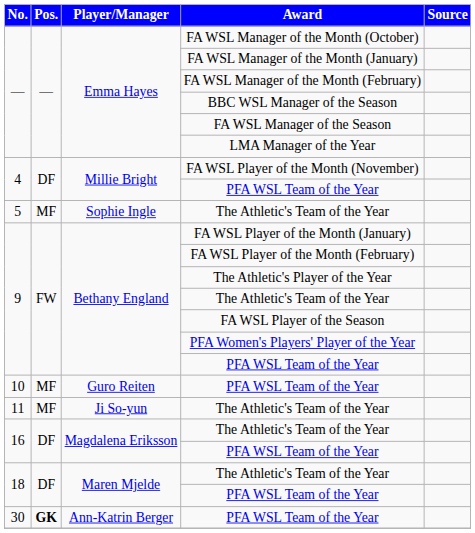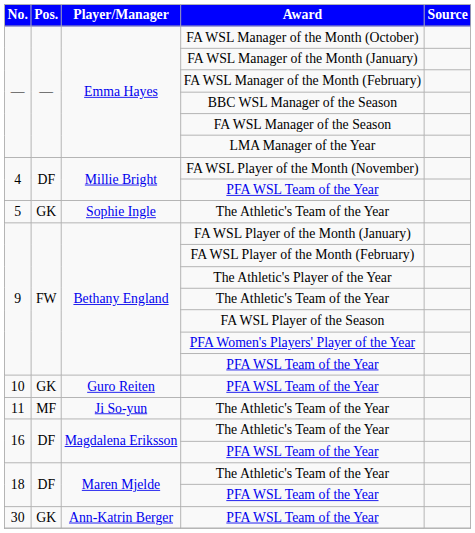 <table class="wikitable" style="text-align:center">
 <tr>
 <th style="background:#00f; color:white;">No.</th>
 <th style="background:#00f; color:white;">Pos.</th>
 <th style="background:#00f; color:white;">Player/Manager</th>
 <th style="background:#00f; color:white;">Award</th>
 <th style="background:#00f; color:white;">Source</th>
 </tr>
 <tr>
 <td rowspan="6">—</td>
 <td rowspan="6">—</td>
 <td rowspan="6"> <a href='#'>Emma Hayes</a></td>
 <td>FA WSL Manager of the Month (October)</td>
 <td></td>
 </tr>
 <tr>
 <td>FA WSL Manager of the Month (January)</td>
 <td></td>
 </tr>
 <tr>
 <td>FA WSL Manager of the Month (February)</td>
 <td></td>
 </tr>
 <tr>
 <td>BBC WSL Manager of the Season</td>
 <td></td>
 </tr>
 <tr>
 <td>FA WSL Manager of the Season</td>
 <td></td>
 </tr>
 <tr>
 <td>LMA Manager of the Year</td>
 <td></td>
 </tr>
 <tr>
 <td rowspan="2">4</td>
 <td rowspan="2">DF</td>
 <td rowspan="2"> <a href='#'>Millie Bright</a></td>
 <td>FA WSL Player of the Month (November)</td>
 <td></td>
 </tr>
 <tr>
 <td><a href='#'>PFA WSL Team of the Year</a></td>
 <td></td>
 </tr>
 <tr>
 <td>5</td>
-<td>MF</td>
+<td>GK</td>
 <td> <a href='#'>Sophie Ingle</a></td>
 <td>The Athletic's Team of the Year</td>
 <td></td>
 </tr>
 <tr>
 <td rowspan="7">9</td>
 <td rowspan="7">FW</td>
 <td rowspan="7"> <a href='#'>Bethany England</a></td>
 <td>FA WSL Player of the Month (January)</td>
 <td></td>
 </tr>
 <tr>
 <td>FA WSL Player of the Month (February)</td>
 <td></td>
 </tr>
 <tr>
 <td>The Athletic's Player of the Year</td>
 <td></td>
 </tr>
 <tr>
 <td>The Athletic's Team of the Year</td>
 <td></td>
 </tr>
 <tr>
 <td>FA WSL Player of the Season</td>
 <td></td>
 </tr>
 <tr>
 <td><a href='#'>PFA Women's Players' Player of the Year</a></td>
 <td></td>
 </tr>
 <tr>
 <td><a href='#'>PFA WSL Team of the Year</a></td>
 <td></td>
 </tr>
 <tr>
 <td>10</td>
-<td>MF</td>
+<td>GK</td>
 <td> <a href='#'>Guro Reiten</a></td>
 <td><a href='#'>PFA WSL Team of the Year</a></td>
 <td></td>
 </tr>
 <tr>
 <td>11</td>
 <td>MF</td>
 <td> <a href='#'>Ji So-yun</a></td>
 <td>The Athletic's Team of the Year</td>
 <td></td>
 </tr>
 <tr>
 <td rowspan="2">16</td>
 <td rowspan="2">DF</td>
 <td rowspan="2"> <a href='#'>Magdalena Eriksson</a></td>
 <td>The Athletic's Team of the Year</td>
 <td></td>
 </tr>
 <tr>
 <td><a href='#'>PFA WSL Team of the Year</a></td>
 <td></td>
 </tr>
 <tr>
 <td rowspan="2">18</td>
 <td rowspan="2">DF</td>
 <td rowspan="2"> <a href='#'>Maren Mjelde</a></td>
 <td>The Athletic's Team of the Year</td>
 <td></td>
 </tr>
 <tr>
 <td><a href='#'>PFA WSL Team of the Year</a></td>
 <td></td>
 </tr>
 <tr>
 <td>30</td>
-<td><strong>GK</strong></td>
+<td>GK</td>
 <td> <a href='#'>Ann-Katrin Berger</a></td>
 <td><a href='#'>PFA WSL Team of the Year</a></td>
 <td></td>
 </tr>
 <tr>
 </tr>
 </table>
